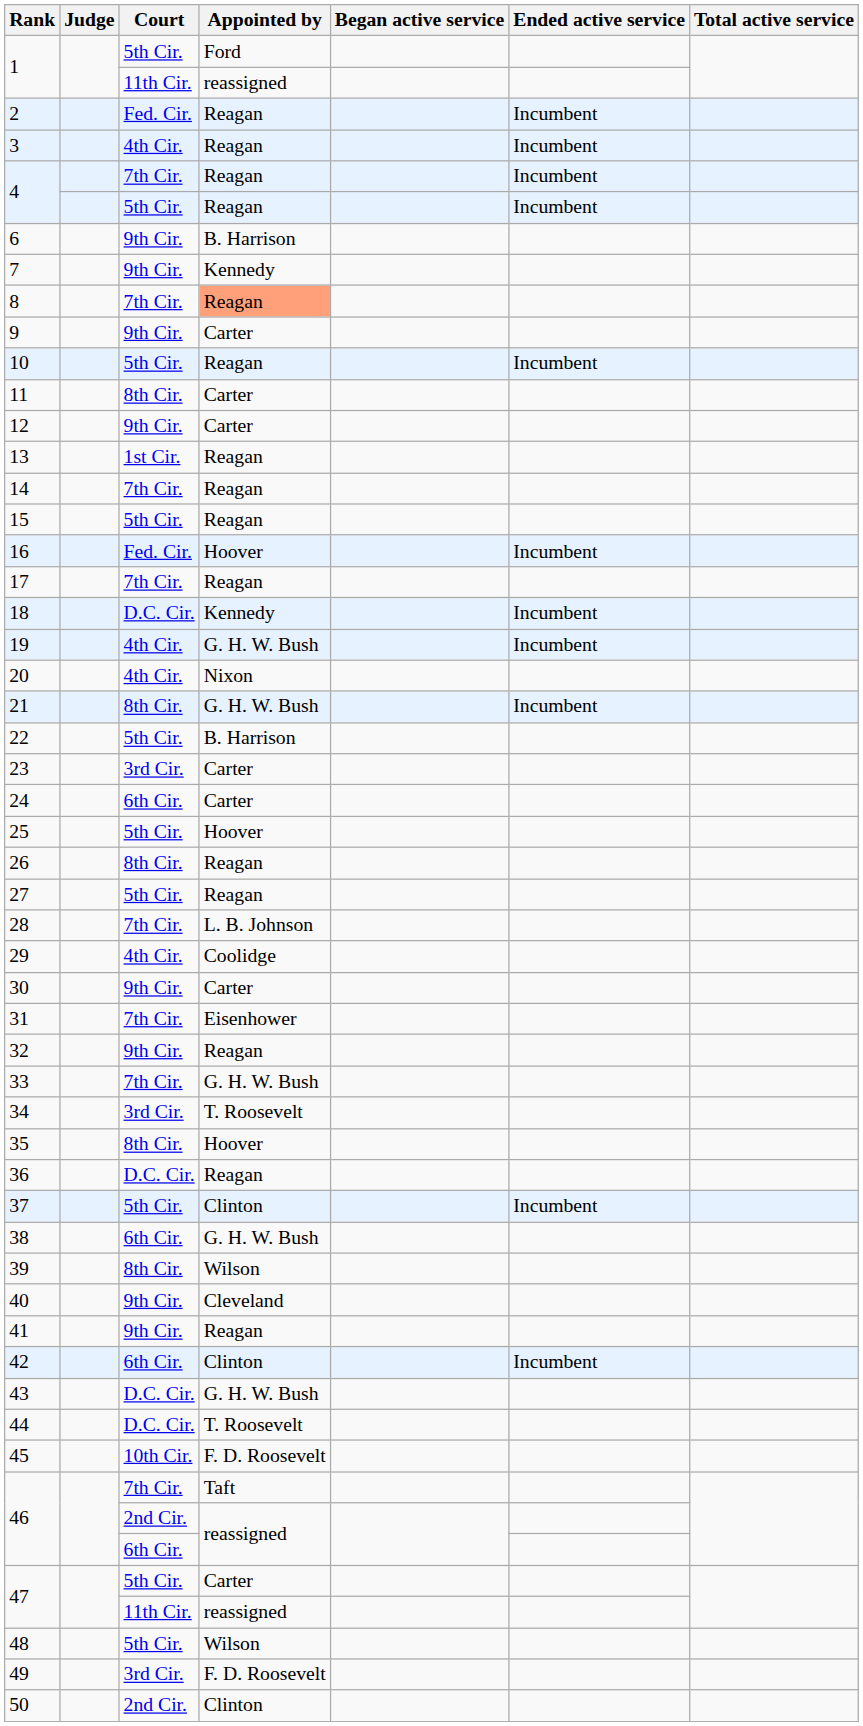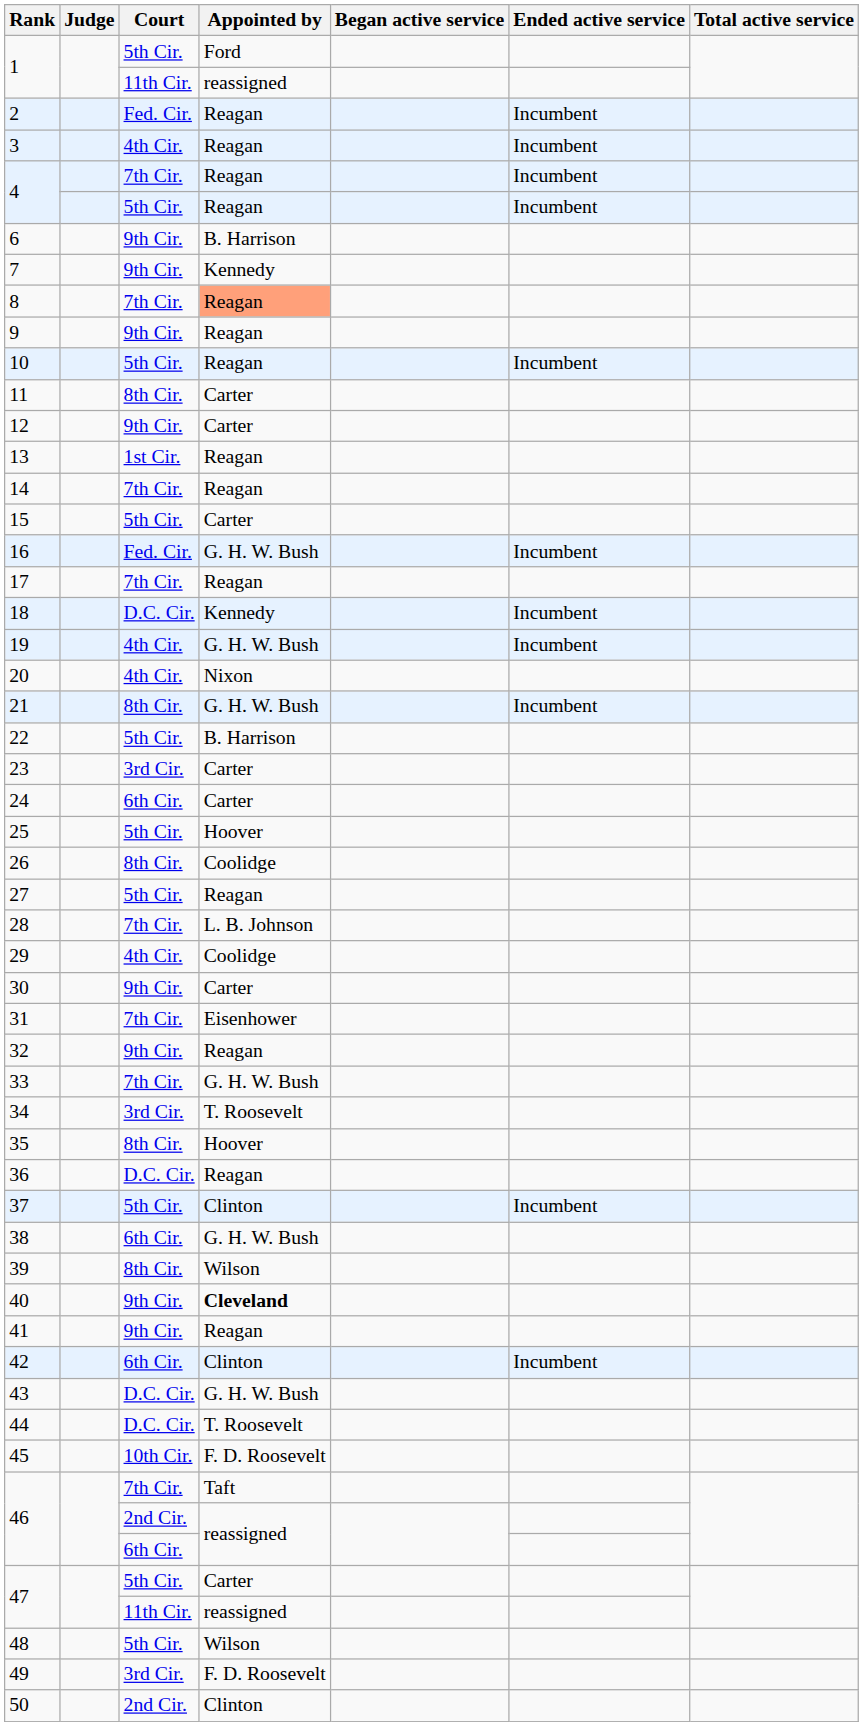 <table class="wikitable sortable">
 <tr>
 <th>Rank</th>
 <th>Judge</th>
 <th>Court</th>
 <th>Appointed by</th>
 <th>Began active service</th>
 <th>Ended active service</th>
 <th>Total active service</th>
 </tr>
 <tr>
 <td rowspan=2>1</td>
 <td rowspan=2></td>
 <td><a href='#'>5th Cir.</a></td>
 <td>Ford</td>
 <td></td>
 <td></td>
 <td rowspan=2></td>
 </tr>
 <tr>
 <td><a href='#'>11th Cir.</a></td>
 <td>reassigned</td>
 <td></td>
 <td></td>
 </tr>
 <tr bgcolor="E6F2FF">
 <td>2</td>
 <td></td>
 <td><a href='#'>Fed. Cir.</a></td>
 <td>Reagan</td>
 <td></td>
 <td>Incumbent</td>
 <td></td>
 </tr>
 <tr bgcolor="E6F2FF">
 <td>3</td>
 <td></td>
 <td><a href='#'>4th Cir.</a></td>
 <td>Reagan</td>
 <td></td>
 <td>Incumbent</td>
 <td></td>
 </tr>
 <tr bgcolor="E6F2FF">
 <td rowspan=2>4</td>
 <td></td>
 <td><a href='#'>7th Cir.</a></td>
 <td>Reagan</td>
 <td></td>
 <td>Incumbent</td>
 <td></td>
 </tr>
 <tr bgcolor="E6F2FF">
 <td></td>
 <td><a href='#'>5th Cir.</a></td>
 <td>Reagan</td>
 <td></td>
 <td>Incumbent</td>
 <td></td>
 </tr>
 <tr>
 <td>6</td>
 <td></td>
 <td><a href='#'>9th Cir.</a></td>
 <td>B. Harrison</td>
 <td></td>
 <td></td>
 <td></td>
 </tr>
 <tr>
 <td>7</td>
 <td></td>
 <td><a href='#'>9th Cir.</a></td>
 <td>Kennedy</td>
 <td></td>
 <td></td>
 <td></td>
 </tr>
 <tr>
 <td>8</td>
 <td></td>
 <td><a href='#'>7th Cir.</a></td>
 <td style="background: lightsalmon;">Reagan</td>
 <td></td>
 <td></td>
 <td></td>
 </tr>
 <tr>
 <td>9</td>
 <td></td>
 <td><a href='#'>9th Cir.</a></td>
-<td>Carter</td>
+<td>Reagan</td>
 <td></td>
 <td></td>
 <td></td>
 </tr>
 <tr bgcolor="E6F2FF">
 <td>10</td>
 <td></td>
 <td><a href='#'>5th Cir.</a></td>
 <td>Reagan</td>
 <td></td>
 <td>Incumbent</td>
 <td></td>
 </tr>
 <tr>
 <td>11</td>
 <td></td>
 <td><a href='#'>8th Cir.</a></td>
 <td>Carter</td>
 <td></td>
 <td></td>
 <td></td>
 </tr>
 <tr>
 <td>12</td>
 <td></td>
 <td><a href='#'>9th Cir.</a></td>
 <td>Carter</td>
 <td></td>
 <td></td>
 <td></td>
 </tr>
 <tr>
 <td>13</td>
 <td></td>
 <td><a href='#'>1st Cir.</a></td>
 <td>Reagan</td>
 <td></td>
 <td></td>
 <td></td>
 </tr>
 <tr>
 <td>14</td>
 <td></td>
 <td><a href='#'>7th Cir.</a></td>
 <td>Reagan</td>
 <td></td>
 <td></td>
 <td></td>
 </tr>
 <tr>
 <td>15</td>
 <td></td>
 <td><a href='#'>5th Cir.</a></td>
-<td>Reagan</td>
+<td>Carter</td>
 <td></td>
 <td></td>
 <td></td>
 </tr>
 <tr bgcolor="E6F2FF">
 <td>16</td>
 <td></td>
 <td><a href='#'>Fed. Cir.</a></td>
-<td>Hoover</td>
+<td>G. H. W. Bush</td>
 <td></td>
 <td>Incumbent</td>
 <td></td>
 </tr>
 <tr>
 <td>17</td>
 <td></td>
 <td><a href='#'>7th Cir.</a></td>
 <td>Reagan</td>
 <td></td>
 <td></td>
 <td></td>
 </tr>
 <tr bgcolor="E6F2FF">
 <td>18</td>
 <td></td>
 <td><a href='#'>D.C. Cir.</a></td>
 <td>Kennedy</td>
 <td></td>
 <td>Incumbent</td>
 <td></td>
 </tr>
 <tr bgcolor="E6F2FF">
 <td>19</td>
 <td></td>
 <td><a href='#'>4th Cir.</a></td>
 <td>G. H. W. Bush</td>
 <td></td>
 <td>Incumbent</td>
 <td></td>
 </tr>
 <tr>
 <td>20</td>
 <td></td>
 <td><a href='#'>4th Cir.</a></td>
 <td>Nixon</td>
 <td></td>
 <td></td>
 <td></td>
 </tr>
 <tr bgcolor="E6F2FF">
 <td>21</td>
 <td></td>
 <td><a href='#'>8th Cir.</a></td>
 <td>G. H. W. Bush</td>
 <td></td>
 <td>Incumbent</td>
 <td></td>
 </tr>
 <tr>
 <td>22</td>
 <td></td>
 <td><a href='#'>5th Cir.</a></td>
 <td>B. Harrison</td>
 <td></td>
 <td></td>
 <td></td>
 </tr>
 <tr>
 <td>23</td>
 <td></td>
 <td><a href='#'>3rd Cir.</a></td>
 <td>Carter</td>
 <td></td>
 <td></td>
 <td></td>
 </tr>
 <tr>
 <td>24</td>
 <td></td>
 <td><a href='#'>6th Cir.</a></td>
 <td>Carter</td>
 <td></td>
 <td></td>
 <td></td>
 </tr>
 <tr>
 <td>25</td>
 <td></td>
 <td><a href='#'>5th Cir.</a></td>
 <td>Hoover</td>
 <td></td>
 <td></td>
 <td></td>
 </tr>
 <tr>
 <td>26</td>
 <td></td>
 <td><a href='#'>8th Cir.</a></td>
-<td>Reagan</td>
+<td>Coolidge</td>
 <td></td>
 <td></td>
 <td></td>
 </tr>
 <tr>
 <td>27</td>
 <td></td>
 <td><a href='#'>5th Cir.</a></td>
 <td>Reagan</td>
 <td></td>
 <td></td>
 <td></td>
 </tr>
 <tr>
 <td>28</td>
 <td></td>
 <td><a href='#'>7th Cir.</a></td>
 <td>L. B. Johnson</td>
 <td></td>
 <td></td>
 <td></td>
 </tr>
 <tr>
 <td>29</td>
 <td></td>
 <td><a href='#'>4th Cir.</a></td>
 <td>Coolidge</td>
 <td></td>
 <td></td>
 <td></td>
 </tr>
 <tr>
 <td>30</td>
 <td></td>
 <td><a href='#'>9th Cir.</a></td>
 <td>Carter</td>
 <td></td>
 <td></td>
 <td></td>
 </tr>
 <tr>
 <td>31</td>
 <td></td>
 <td><a href='#'>7th Cir.</a></td>
 <td>Eisenhower</td>
 <td></td>
 <td></td>
 <td></td>
 </tr>
 <tr>
 <td>32</td>
 <td></td>
 <td><a href='#'>9th Cir.</a></td>
 <td>Reagan</td>
 <td></td>
 <td></td>
 <td></td>
 </tr>
 <tr>
 <td>33</td>
 <td></td>
 <td><a href='#'>7th Cir.</a></td>
 <td>G. H. W. Bush</td>
 <td></td>
 <td></td>
 <td></td>
 </tr>
 <tr>
 <td>34</td>
 <td></td>
 <td><a href='#'>3rd Cir.</a></td>
 <td>T. Roosevelt</td>
 <td></td>
 <td></td>
 <td></td>
 </tr>
 <tr>
 <td>35</td>
 <td></td>
 <td><a href='#'>8th Cir.</a></td>
 <td>Hoover</td>
 <td></td>
 <td></td>
 <td></td>
 </tr>
 <tr>
 <td>36</td>
 <td></td>
 <td><a href='#'>D.C. Cir.</a></td>
 <td>Reagan</td>
 <td></td>
 <td></td>
 <td></td>
 </tr>
 <tr bgcolor="E6F2FF">
 <td>37</td>
 <td></td>
 <td><a href='#'>5th Cir.</a></td>
 <td>Clinton</td>
 <td></td>
 <td>Incumbent</td>
 <td></td>
 </tr>
 <tr>
 <td>38</td>
 <td></td>
 <td><a href='#'>6th Cir.</a></td>
 <td>G. H. W. Bush</td>
 <td></td>
 <td></td>
 <td></td>
 </tr>
 <tr>
 <td>39</td>
 <td></td>
 <td><a href='#'>8th Cir.</a></td>
 <td>Wilson</td>
 <td></td>
 <td></td>
 <td></td>
 </tr>
 <tr>
 <td>40</td>
 <td></td>
 <td><a href='#'>9th Cir.</a></td>
-<td>Cleveland</td>
+<td><strong>Cleveland</strong></td>
 <td></td>
 <td></td>
 <td></td>
 </tr>
 <tr>
 <td>41</td>
 <td></td>
 <td><a href='#'>9th Cir.</a></td>
 <td>Reagan</td>
 <td></td>
 <td></td>
 <td></td>
 </tr>
 <tr bgcolor="E6F2FF">
 <td>42</td>
 <td></td>
 <td><a href='#'>6th Cir.</a></td>
 <td>Clinton</td>
 <td></td>
 <td>Incumbent</td>
 <td></td>
 </tr>
 <tr>
 <td>43</td>
 <td></td>
 <td><a href='#'>D.C. Cir.</a></td>
 <td>G. H. W. Bush</td>
 <td></td>
 <td></td>
 <td></td>
 </tr>
 <tr>
 <td>44</td>
 <td></td>
 <td><a href='#'>D.C. Cir.</a></td>
 <td>T. Roosevelt</td>
 <td></td>
 <td></td>
 <td></td>
 </tr>
 <tr>
 <td>45</td>
 <td></td>
 <td><a href='#'>10th Cir.</a></td>
 <td>F. D. Roosevelt</td>
 <td></td>
 <td></td>
 <td></td>
 </tr>
 <tr>
 <td rowspan=3>46</td>
 <td rowspan=3></td>
 <td><a href='#'>7th Cir.</a></td>
 <td>Taft</td>
 <td></td>
 <td></td>
 <td rowspan=3></td>
 </tr>
 <tr>
 <td><a href='#'>2nd Cir.</a></td>
 <td rowspan=2>reassigned</td>
 <td rowspan=2></td>
 <td></td>
 </tr>
 <tr>
 <td><a href='#'>6th Cir.</a></td>
 <td></td>
 </tr>
 <tr>
 <td rowspan=2>47</td>
 <td rowspan=2></td>
 <td><a href='#'>5th Cir.</a></td>
 <td>Carter</td>
 <td></td>
 <td></td>
 <td rowspan=2></td>
 </tr>
 <tr>
 <td><a href='#'>11th Cir.</a></td>
 <td>reassigned</td>
 <td></td>
 <td></td>
 </tr>
 <tr>
 <td>48</td>
 <td></td>
 <td><a href='#'>5th Cir.</a></td>
 <td>Wilson</td>
 <td></td>
 <td></td>
 <td></td>
 </tr>
 <tr>
 <td>49</td>
 <td></td>
 <td><a href='#'>3rd Cir.</a></td>
 <td>F. D. Roosevelt</td>
 <td></td>
 <td></td>
 <td></td>
 </tr>
 <tr>
 <td>50</td>
 <td></td>
 <td><a href='#'>2nd Cir.</a></td>
 <td>Clinton</td>
 <td></td>
 <td></td>
 <td><br> </td>
 </tr>
 </table>
